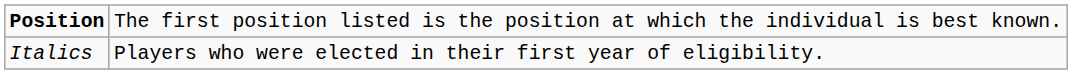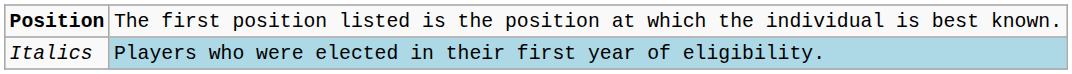 <table class="wikitable" style="float:left; font-size:95%">
 <tr style="white-space:nowrap;">
 <td><strong>Position</strong></td>
 <td>The first position listed is the position at which the individual is best known.</td>
 </tr>
 <tr>
 <td><em>Italics </em></td>
-<td>Players who were elected in their first year of eligibility.</td>
+<td style="background: lightblue;">Players who were elected in their first year of eligibility.</td>
 </tr>
 </table>
